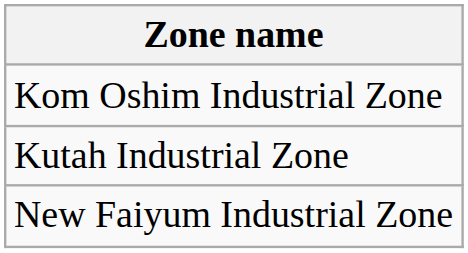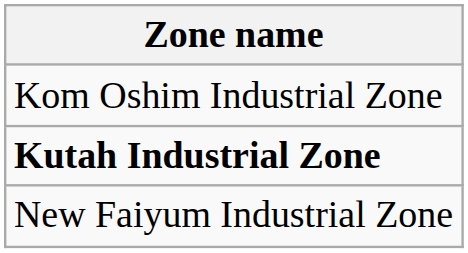 <table class="wikitable">
 <tr>
 <th>Zone name</th>
 </tr>
 <tr>
 <td rowspan="1">Kom Oshim Industrial Zone</td>
 </tr>
 <tr>
-<td rowspan="1">Kutah Industrial Zone</td>
+<td rowspan="1"><strong>Kutah Industrial Zone</strong></td>
 </tr>
 <tr>
 <td rowspan="1">New Faiyum Industrial Zone</td>
 </tr>
 </table>
